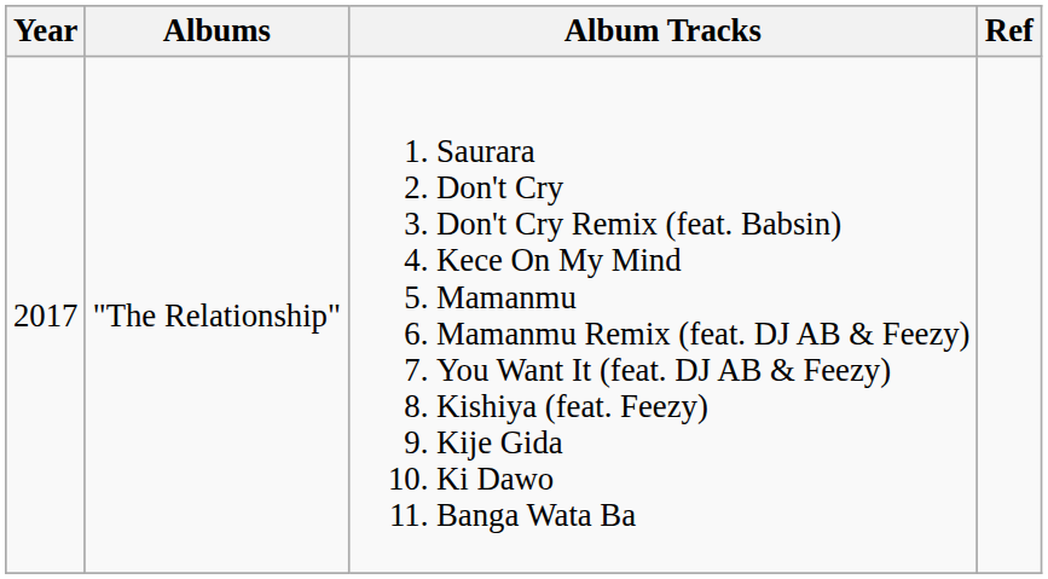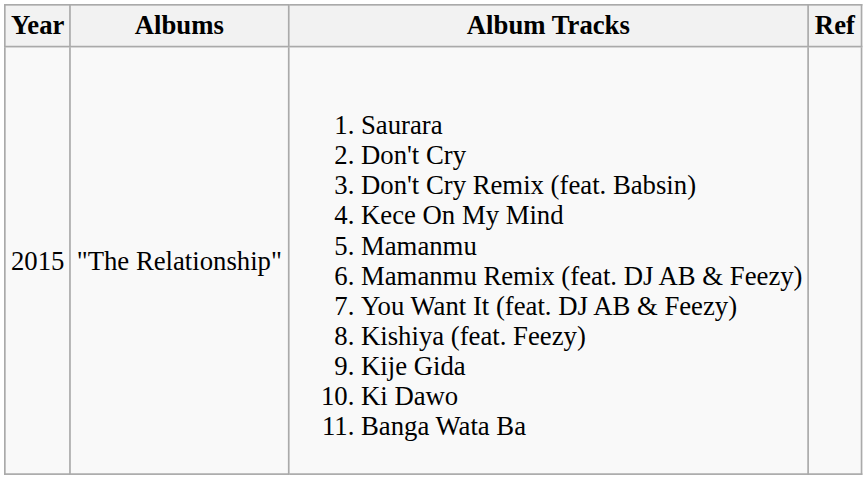 <table class="wikitable sortable mw-collapsible">
 <tr>
 <th>Year</th>
 <th>Albums</th>
 <th>Album Tracks</th>
 <th>Ref</th>
 </tr>
 <tr>
-<td>2017</td>
+<td>2015</td>
 <td>"The Relationship"</td>
 <td><br><ol><li>Saurara</li><li>Don't Cry</li><li>Don't Cry Remix (feat. Babsin)</li><li>Kece On My Mind</li><li>Mamanmu</li><li>Mamanmu Remix (feat. DJ AB & Feezy)</li><li>You Want It (feat. DJ AB & Feezy)</li><li>Kishiya (feat. Feezy)</li><li>Kije Gida</li><li>Ki Dawo</li><li>Banga Wata Ba</li></ol></td>
 <td></td>
 </tr>
 </table>
